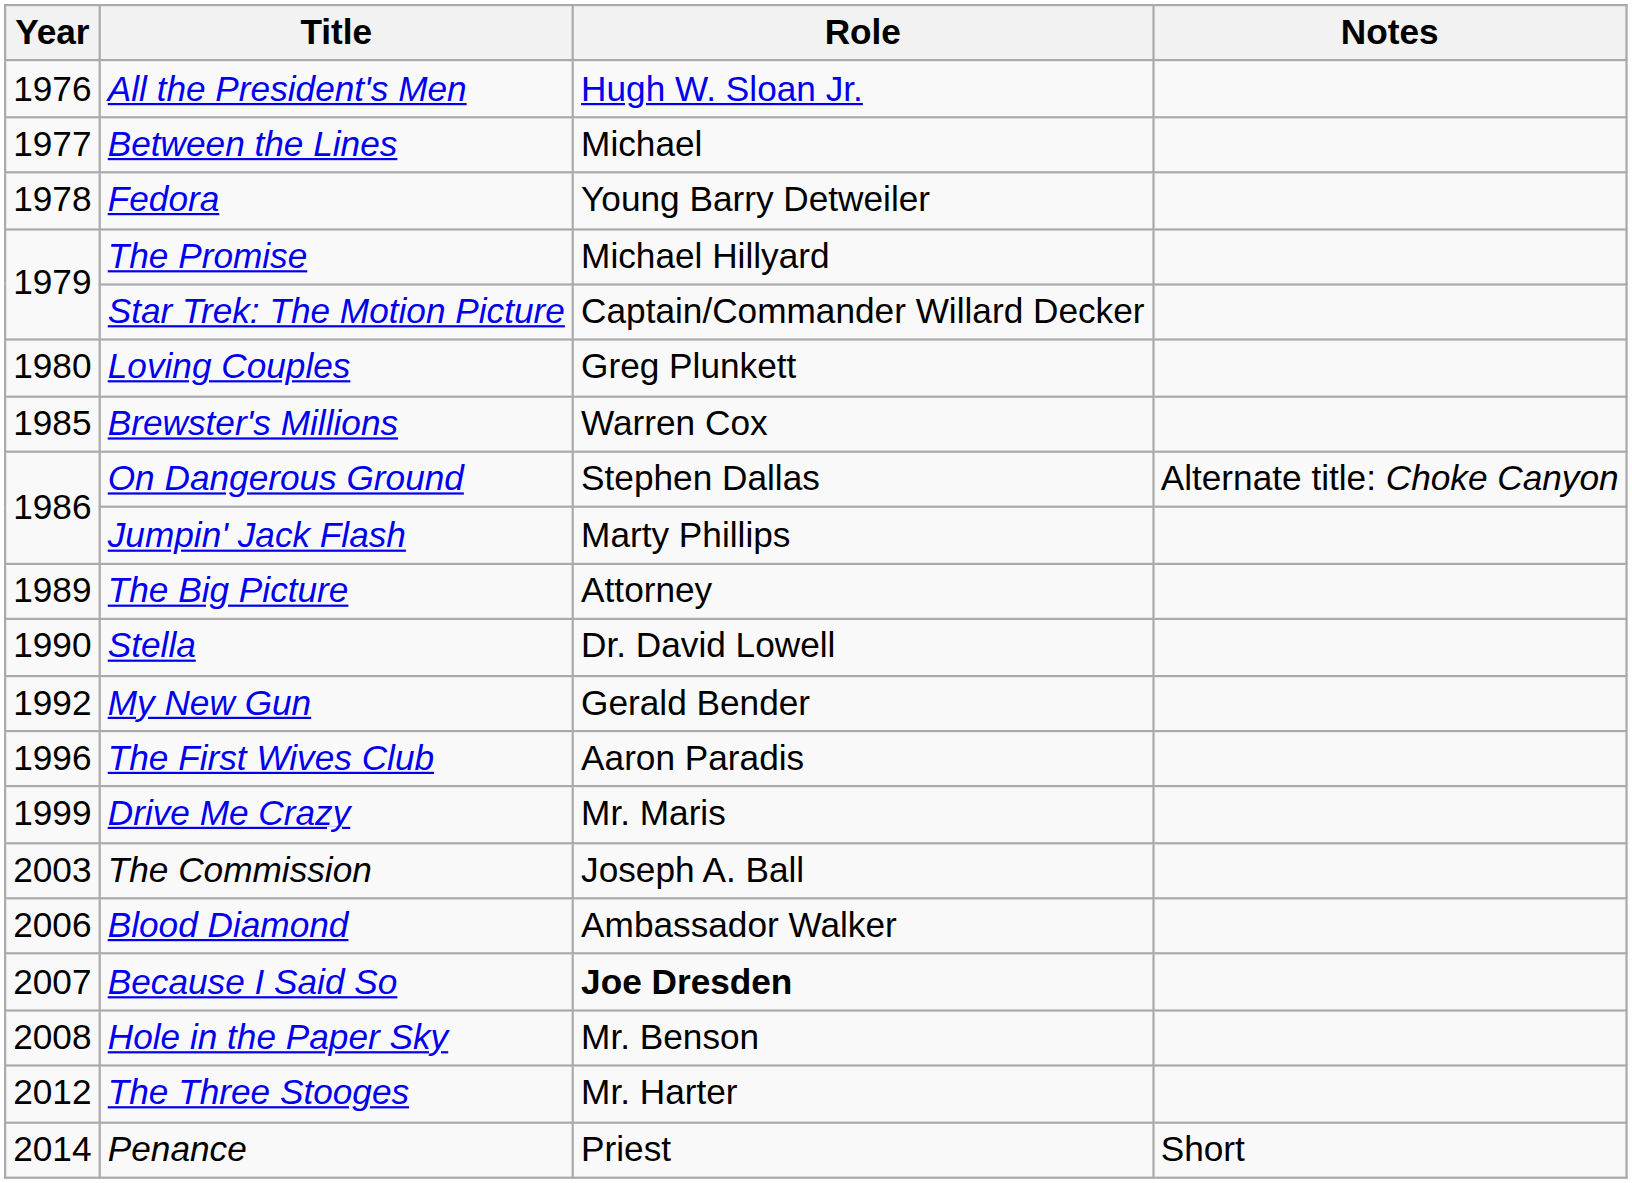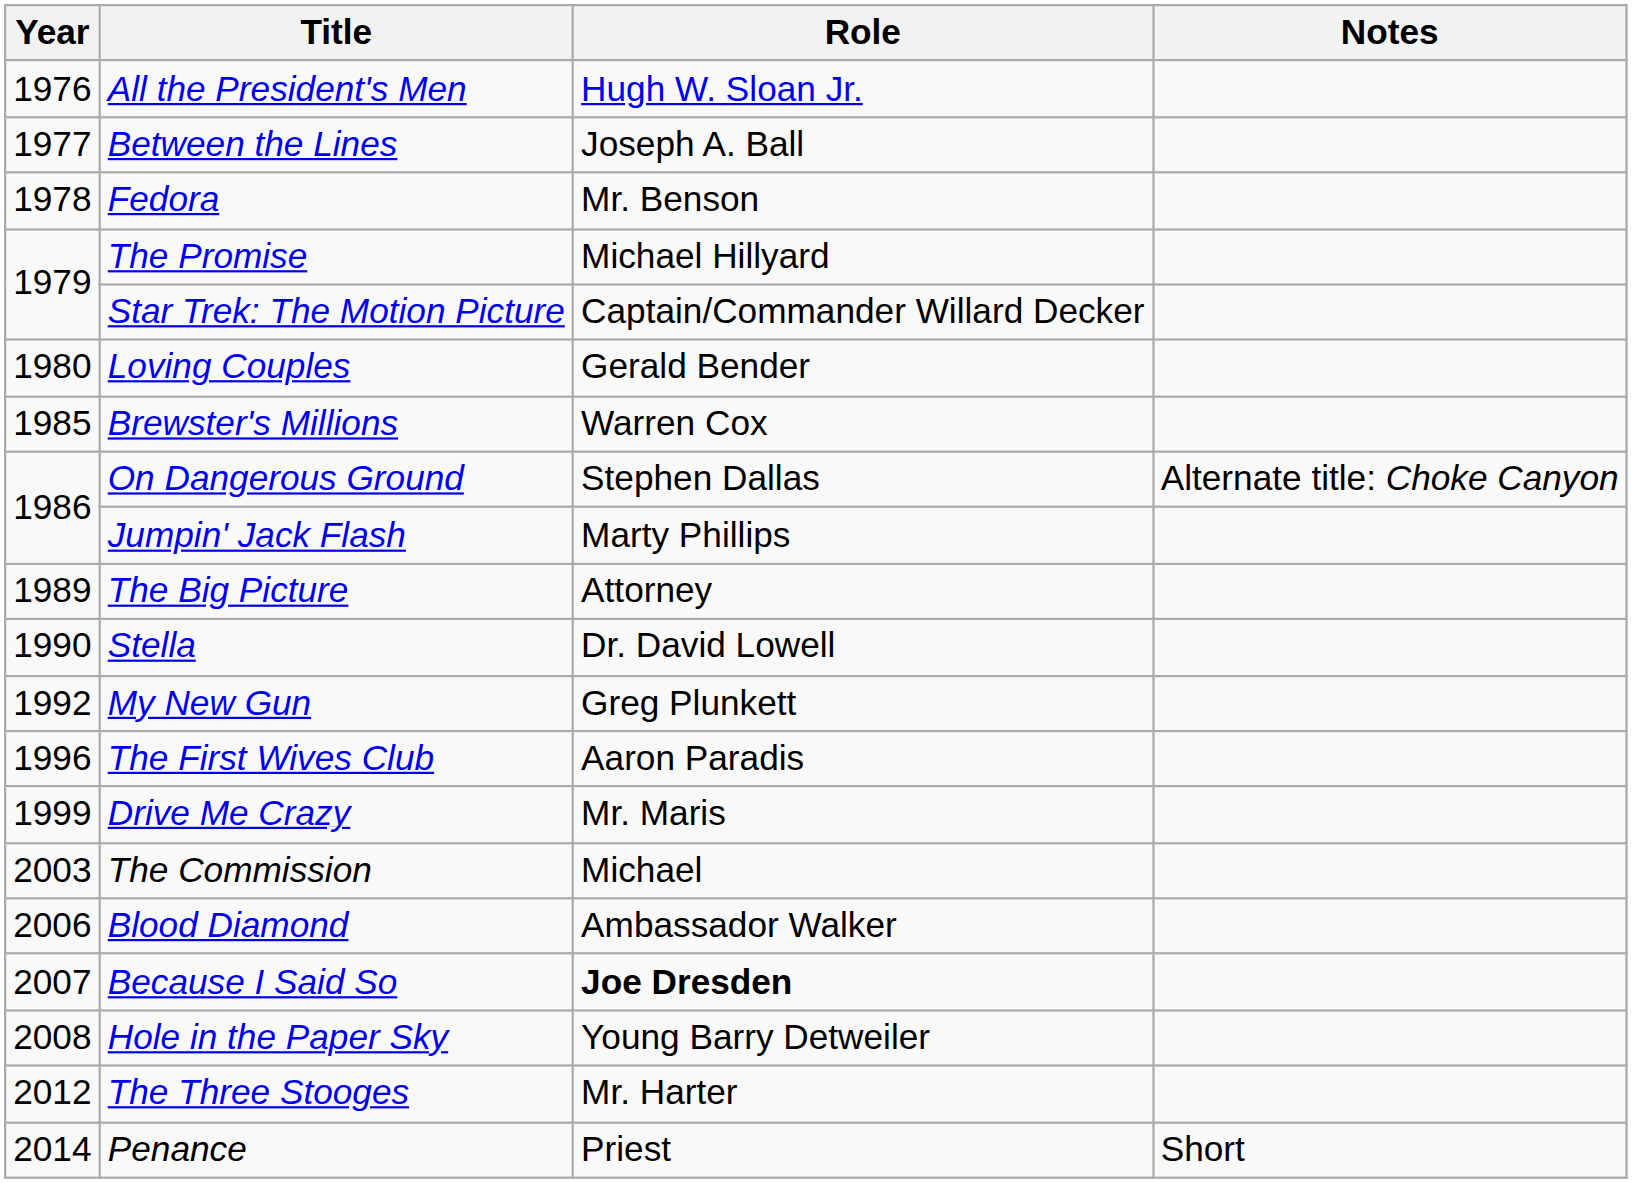 <table class="wikitable sortable">
 <tr>
 <th>Year</th>
 <th>Title</th>
 <th>Role</th>
 <th class="unsortable">Notes</th>
 </tr>
 <tr>
 <td>1976</td>
 <td><em><a href='#'>All the President's Men</a></em></td>
 <td><a href='#'>Hugh W. Sloan Jr.</a></td>
 <td></td>
 </tr>
 <tr>
 <td>1977</td>
 <td><em><a href='#'>Between the Lines</a></em></td>
-<td>Michael</td>
+<td>Joseph A. Ball</td>
 <td></td>
 </tr>
 <tr>
 <td>1978</td>
 <td><em><a href='#'>Fedora</a></em></td>
-<td>Young Barry Detweiler</td>
+<td>Mr. Benson</td>
 <td></td>
 </tr>
 <tr>
 <td rowspan=2>1979</td>
 <td><em><a href='#'>The Promise</a></em></td>
 <td>Michael Hillyard</td>
 <td></td>
 </tr>
 <tr>
 <td><em><a href='#'>Star Trek: The Motion Picture</a></em></td>
 <td>Captain/Commander Willard Decker</td>
 <td></td>
 </tr>
 <tr>
 <td>1980</td>
 <td><em><a href='#'>Loving Couples</a></em></td>
-<td>Greg Plunkett</td>
+<td>Gerald Bender</td>
 <td></td>
 </tr>
 <tr>
 <td>1985</td>
 <td><em><a href='#'>Brewster's Millions</a></em></td>
 <td>Warren Cox</td>
 <td></td>
 </tr>
 <tr>
 <td rowspan=2>1986</td>
 <td><em><a href='#'>On Dangerous Ground</a></em></td>
 <td>Stephen Dallas</td>
 <td>Alternate title: <em>Choke Canyon</em></td>
 </tr>
 <tr>
 <td><em><a href='#'>Jumpin' Jack Flash</a></em></td>
 <td>Marty Phillips</td>
 <td></td>
 </tr>
 <tr>
 <td>1989</td>
 <td><em><a href='#'>The Big Picture</a></em></td>
 <td>Attorney</td>
 <td></td>
 </tr>
 <tr>
 <td>1990</td>
 <td><em><a href='#'>Stella</a></em></td>
 <td>Dr. David Lowell</td>
 <td></td>
 </tr>
 <tr>
 <td>1992</td>
 <td><em><a href='#'>My New Gun</a></em></td>
-<td>Gerald Bender</td>
+<td>Greg Plunkett</td>
 <td></td>
 </tr>
 <tr>
 <td>1996</td>
 <td><em><a href='#'>The First Wives Club</a></em></td>
 <td>Aaron Paradis</td>
 <td></td>
 </tr>
 <tr>
 <td>1999</td>
 <td><em><a href='#'>Drive Me Crazy</a></em></td>
 <td>Mr. Maris</td>
 <td></td>
 </tr>
 <tr>
 <td>2003</td>
 <td><em>The Commission</em></td>
-<td>Joseph A. Ball</td>
+<td>Michael</td>
 <td></td>
 </tr>
 <tr>
 <td>2006</td>
 <td><em><a href='#'>Blood Diamond</a></em></td>
 <td>Ambassador Walker</td>
 <td></td>
 </tr>
 <tr>
 <td>2007</td>
 <td><em><a href='#'>Because I Said So</a></em></td>
 <td><strong>Joe Dresden</strong></td>
 <td></td>
 </tr>
 <tr>
 <td>2008</td>
 <td><em><a href='#'>Hole in the Paper Sky</a></em></td>
-<td>Mr. Benson</td>
+<td>Young Barry Detweiler</td>
 <td></td>
 </tr>
 <tr>
 <td>2012</td>
 <td><em><a href='#'>The Three Stooges</a></em></td>
 <td>Mr. Harter</td>
 <td></td>
 </tr>
 <tr>
 <td>2014</td>
 <td><em>Penance</em></td>
 <td>Priest</td>
 <td>Short</td>
 </tr>
 </table>
